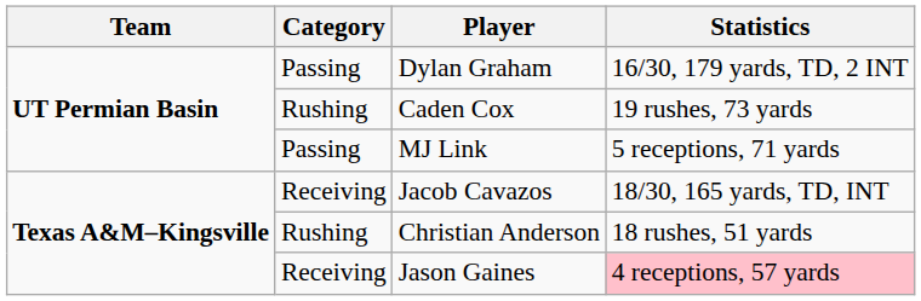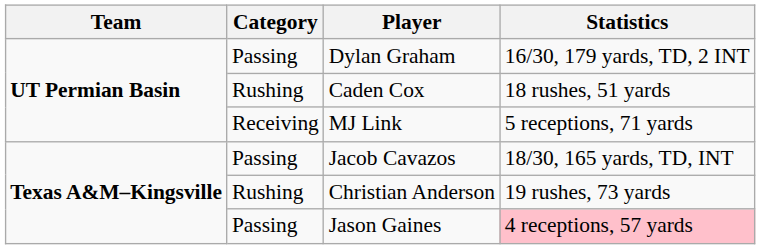 <table class="wikitable" style="float: right;">
 <tr>
 <th>Team</th>
 <th>Category</th>
 <th>Player</th>
 <th>Statistics</th>
 </tr>
 <tr>
 <td rowspan=3><strong>UT Permian Basin</strong></td>
 <td>Passing</td>
 <td>Dylan Graham</td>
 <td>16/30, 179 yards, TD, 2 INT</td>
 </tr>
 <tr>
 <td>Rushing</td>
 <td>Caden Cox</td>
-<td>19 rushes, 73 yards</td>
+<td>18 rushes, 51 yards</td>
 </tr>
 <tr>
-<td>Passing</td>
+<td>Receiving</td>
 <td>MJ Link</td>
 <td>5 receptions, 71 yards</td>
 </tr>
 <tr>
 <td rowspan=3><strong>Texas A&M–Kingsville</strong></td>
-<td>Receiving</td>
+<td>Passing</td>
 <td>Jacob Cavazos</td>
 <td>18/30, 165 yards, TD, INT</td>
 </tr>
 <tr>
 <td>Rushing</td>
 <td>Christian Anderson</td>
-<td>18 rushes, 51 yards</td>
+<td>19 rushes, 73 yards</td>
 </tr>
 <tr>
-<td>Receiving</td>
+<td>Passing</td>
 <td>Jason Gaines</td>
 <td style="background: pink;">4 receptions, 57 yards</td>
 </tr>
 </table>
